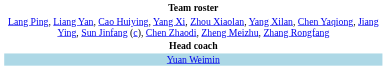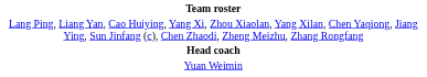 <table style="text-align: center; margin-top: 2em; margin-left: auto; margin-right: auto">
 <tr>
 <td><strong>Team roster</strong></td>
 </tr>
 <tr>
 <td><a href='#'>Lang Ping</a>, <a href='#'>Liang Yan</a>, <a href='#'>Cao Huiying</a>, <a href='#'>Yang Xi</a>, <a href='#'>Zhou Xiaolan</a>, <a href='#'>Yang Xilan</a>, <a href='#'>Chen Yaqiong</a>, <a href='#'>Jiang Ying</a>, <a href='#'>Sun Jinfang</a> (<a href='#'>c</a>), <a href='#'>Chen Zhaodi</a>, <a href='#'>Zheng Meizhu</a>, <a href='#'>Zhang Rongfang</a></td>
 </tr>
 <tr>
 <td><strong>Head coach</strong></td>
 </tr>
 <tr>
-<td style="background: lightblue;"><a href='#'>Yuan Weimin</a></td>
+<td><a href='#'>Yuan Weimin</a></td>
 </tr>
 <tr>
 </tr>
 </table>
